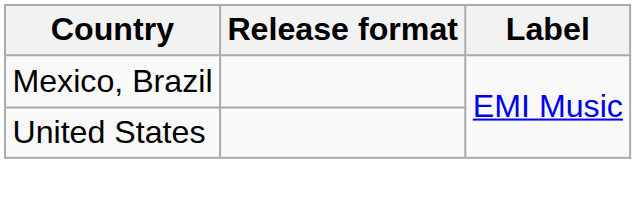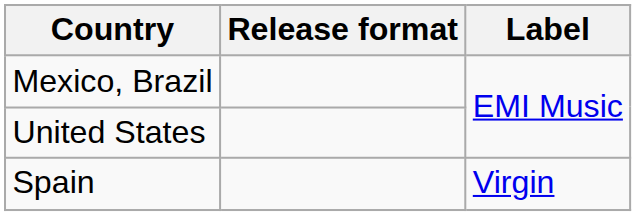 <table class="wikitable">
 <tr>
 <th>Country</th>
 <th>Release format</th>
 <th>Label</th>
 </tr>
 <tr>
 <td>Mexico, Brazil</td>
 <td></td>
 <td rowspan="2"><a href='#'>EMI Music</a></td>
 </tr>
 <tr>
 <td>United States</td>
 <td></td>
 </tr>
+<tr>
+<td>Spain</td>
+<td></td>
+<td><a href='#'>Virgin</a></td>
+</tr>
 </table>
